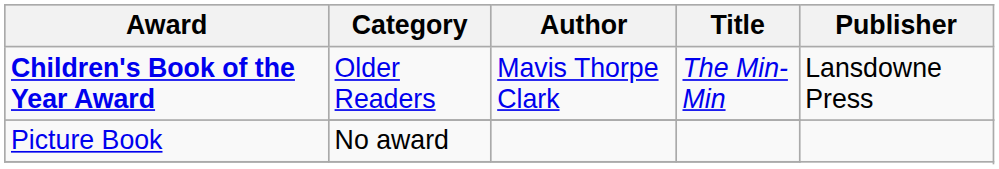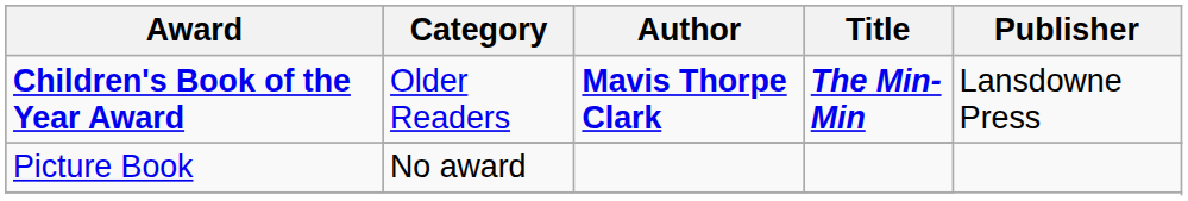 <table class="wikitable" width=95%>
 <tr>
 <th>Award</th>
 <th>Category</th>
 <th>Author</th>
 <th>Title</th>
 <th>Publisher</th>
 </tr>
 <tr>
 <td rowspan=2><strong><a href='#'>Children's Book of the Year Award</a></strong></td>
 <td><a href='#'>Older Readers</a></td>
-<td><a href='#'>Mavis Thorpe Clark</a></td>
-<td><em><a href='#'>The Min-Min</a></em></td>
+<td><strong><a href='#'>Mavis Thorpe Clark</a></strong></td>
+<td><strong><em><a href='#'>The Min-Min</a></em></strong></td>
 <td>Lansdowne Press</td>
 </tr>
 <tr>
 </tr>
 <tr>
 <td><a href='#'>Picture Book</a></td>
 <td>No award</td>
 <td></td>
 <td></td>
 </tr>
 <tr>
 </tr>
 </table>
